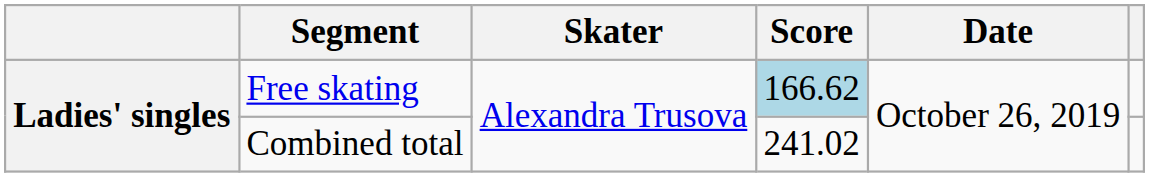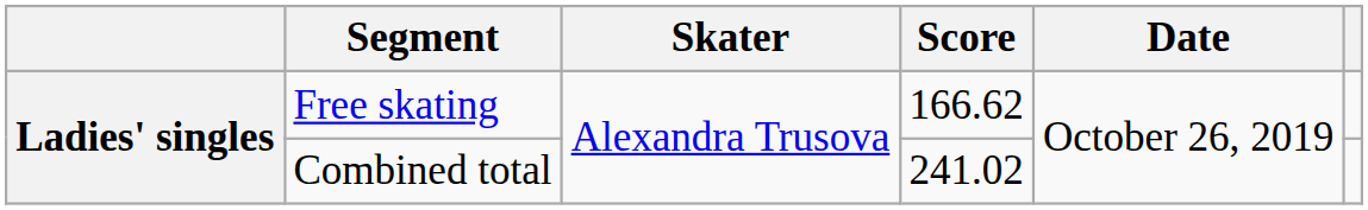 <table class="wikitable unsortable style="text-align:left">
 <tr>
 <th scope="col"></th>
 <th scope="col">Segment</th>
 <th scope="col">Skater</th>
 <th scope="col">Score</th>
 <th scope="col">Date</th>
 <th scope="col"></th>
 </tr>
 <tr>
 <th rowspan="2" scope="row" style="text-align:left">Ladies' singles</th>
 <td><a href='#'>Free skating</a></td>
 <td rowspan=2> <a href='#'>Alexandra Trusova</a></td>
-<td style="background: lightblue;">166.62</td>
+<td>166.62</td>
 <td rowspan="2">October 26, 2019</td>
 <td></td>
 </tr>
 <tr>
 <td>Combined total</td>
 <td>241.02</td>
 <td></td>
 </tr>
 </table>
